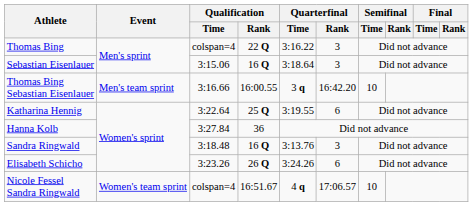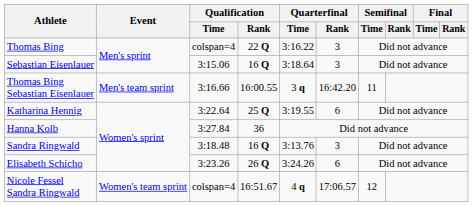 <table class="wikitable" style="font-size:90%">
 <tr>
 <th rowspan="2">Athlete</th>
 <th rowspan="2">Event</th>
 <th colspan="2">Qualification</th>
 <th colspan="2">Quarterfinal</th>
 <th colspan="2">Semifinal</th>
 <th colspan="2">Final</th>
 </tr>
 <tr style="font-size:95%">
 <th>Time</th>
 <th>Rank</th>
 <th>Time</th>
 <th>Rank</th>
 <th>Time</th>
 <th>Rank</th>
 <th>Time</th>
 <th>Rank</th>
 </tr>
 <tr align=center>
 <td align=left><a href='#'>Thomas Bing</a></td>
 <td align=left rowspan=2><a href='#'>Men's sprint</a></td>
 <td>colspan=4</td>
 <td>22 <strong>Q</strong></td>
 <td>3:16.22</td>
 <td>3</td>
 <td colspan=4>Did not advance</td>
 </tr>
 <tr align=center>
 <td align=left><a href='#'>Sebastian Eisenlauer</a></td>
 <td>3:15.06</td>
 <td>16 <strong>Q</strong></td>
 <td>3:18.64</td>
 <td>3</td>
 <td colspan=4>Did not advance</td>
 </tr>
 <tr align=center>
 <td align=left><a href='#'>Thomas Bing</a><br><a href='#'>Sebastian Eisenlauer</a></td>
 <td align=left><a href='#'>Men's team sprint</a></td>
 <td>3:16.66</td>
 <td>16:00.55</td>
 <td>3 <strong>q</strong></td>
 <td>16:42.20</td>
-<td>10</td>
+<td>11</td>
 </tr>
 <tr align=center>
 <td align=left><a href='#'>Katharina Hennig</a></td>
 <td align=left rowspan=4><a href='#'>Women's sprint</a></td>
 <td>3:22.64</td>
 <td>25 <strong>Q</strong></td>
 <td>3:19.55</td>
 <td>6</td>
 <td colspan=4>Did not advance</td>
 </tr>
 <tr align=center>
 <td align=left><a href='#'>Hanna Kolb</a></td>
 <td>3:27.84</td>
 <td>36</td>
 <td colspan=6>Did not advance</td>
 </tr>
 <tr align=center>
 <td align=left><a href='#'>Sandra Ringwald</a></td>
 <td>3:18.48</td>
 <td>16 <strong>Q</strong></td>
 <td>3:13.76</td>
 <td>3</td>
 <td colspan=4>Did not advance</td>
 </tr>
 <tr align=center>
 <td align=left><a href='#'>Elisabeth Schicho</a></td>
 <td>3:23.26</td>
 <td>26 <strong>Q</strong></td>
 <td>3:24.26</td>
 <td>6</td>
 <td colspan=4>Did not advance</td>
 </tr>
 <tr align=center>
 <td align=left><a href='#'>Nicole Fessel</a><br><a href='#'>Sandra Ringwald</a></td>
 <td align=left><a href='#'>Women's team sprint</a></td>
 <td>colspan=4</td>
 <td>16:51.67</td>
 <td>4 <strong>q</strong></td>
 <td>17:06.57</td>
-<td>10</td>
+<td>12</td>
 </tr>
 </table>
